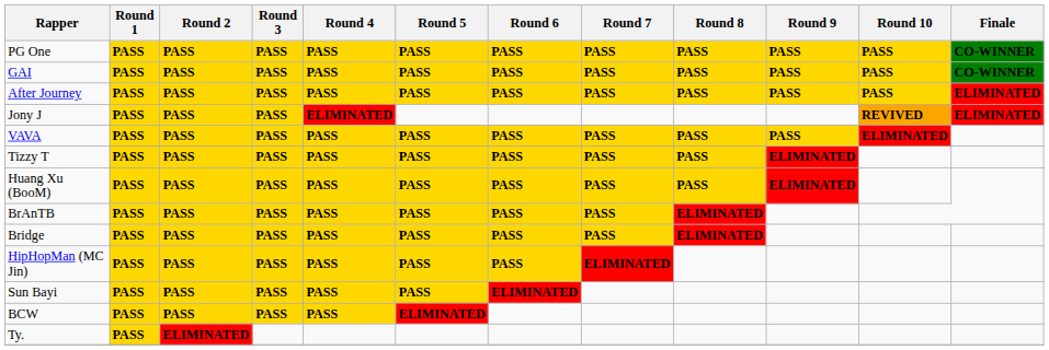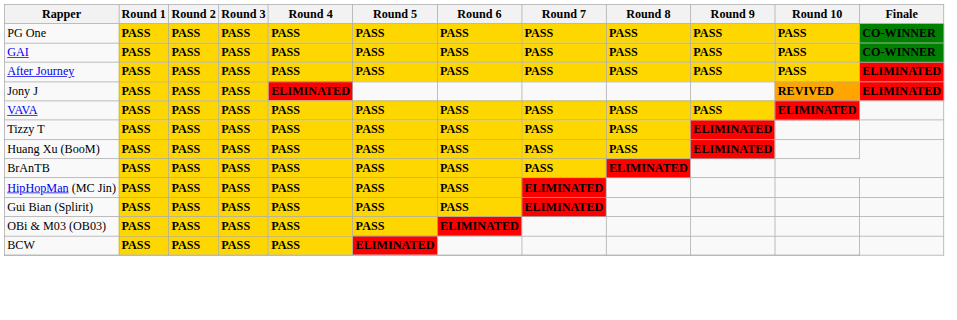 <table class="wikitable" style="text-algin:center" border="2">
 <tr>
 <th>Rapper</th>
 <th>Round 1</th>
 <th>Round 2</th>
 <th>Round 3</th>
 <th>Round 4</th>
 <th>Round 5</th>
 <th>Round 6</th>
 <th>Round 7</th>
 <th>Round 8</th>
 <th>Round 9</th>
 <th>Round 10</th>
 <th>Finale</th>
 </tr>
 <tr>
 <td>PG One</td>
 <td style="background:gold"><strong>PASS</strong></td>
 <td style="background:gold"><strong>PASS</strong></td>
 <td style="background:gold"><strong>PASS</strong></td>
 <td style="background:gold"><strong>PASS</strong></td>
 <td style="background:gold"><strong>PASS</strong></td>
 <td style="background:gold"><strong>PASS</strong></td>
 <td style="background:gold"><strong>PASS</strong></td>
 <td style="background:gold"><strong>PASS</strong></td>
 <td style="background:gold"><strong>PASS</strong></td>
 <td style="background:gold"><strong>PASS</strong></td>
 <td style="background:green"><strong>CO-WINNER</strong></td>
 </tr>
 <tr>
 <td><a href='#'>GAI</a></td>
 <td style="background:gold"><strong>PASS</strong></td>
 <td style="background:gold"><strong>PASS</strong></td>
 <td style="background:gold"><strong>PASS</strong></td>
 <td style="background:gold"><strong>PASS</strong></td>
 <td style="background:gold"><strong>PASS</strong></td>
 <td style="background:gold"><strong>PASS</strong></td>
 <td style="background:gold"><strong>PASS</strong></td>
 <td style="background:gold"><strong>PASS</strong></td>
 <td style="background:gold"><strong>PASS</strong></td>
 <td style="background:gold"><strong>PASS</strong></td>
 <td style="background:green"><strong>CO-WINNER</strong></td>
 </tr>
 <tr>
 <td><a href='#'>After Journey</a></td>
 <td style="background:gold"><strong>PASS</strong></td>
 <td style="background:gold"><strong>PASS</strong></td>
 <td style="background:gold"><strong>PASS</strong></td>
 <td style="background:gold"><strong>PASS</strong></td>
 <td style="background:gold"><strong>PASS</strong></td>
 <td style="background:gold"><strong>PASS</strong></td>
 <td style="background:gold"><strong>PASS</strong></td>
 <td style="background:gold"><strong>PASS</strong></td>
 <td style="background:gold"><strong>PASS</strong></td>
 <td style="background:gold"><strong>PASS</strong></td>
 <td style="background:red"><strong>ELIMINATED</strong></td>
 </tr>
 <tr>
 <td>Jony J</td>
 <td style="background:gold"><strong>PASS</strong></td>
 <td style="background:gold"><strong>PASS</strong></td>
 <td style="background:gold"><strong>PASS</strong></td>
 <td style="background:red"><strong>ELIMINATED</strong></td>
 <td></td>
 <td></td>
 <td></td>
 <td></td>
 <td></td>
 <td style="background:orange"><strong>REVIVED</strong></td>
 <td style="background:red"><strong>ELIMINATED</strong></td>
 </tr>
 <tr>
 <td><a href='#'>VAVA</a></td>
 <td style="background:gold"><strong>PASS</strong></td>
 <td style="background:gold"><strong>PASS</strong></td>
 <td style="background:gold"><strong>PASS</strong></td>
 <td style="background:gold"><strong>PASS</strong></td>
 <td style="background:gold"><strong>PASS</strong></td>
 <td style="background:gold"><strong>PASS</strong></td>
 <td style="background:gold"><strong>PASS</strong></td>
 <td style="background:gold"><strong>PASS</strong></td>
 <td style="background:gold"><strong>PASS</strong></td>
 <td style="background:red"><strong>ELIMINATED</strong></td>
 <td></td>
 </tr>
 <tr>
 <td>Tizzy T</td>
 <td style="background:gold"><strong>PASS</strong></td>
 <td style="background:gold"><strong>PASS</strong></td>
 <td style="background:gold"><strong>PASS</strong></td>
 <td style="background:gold"><strong>PASS</strong></td>
 <td style="background:gold"><strong>PASS</strong></td>
 <td style="background:gold"><strong>PASS</strong></td>
 <td style="background:gold"><strong>PASS</strong></td>
 <td style="background:gold"><strong>PASS</strong></td>
 <td style="background:red"><strong>ELIMINATED</strong></td>
 <td></td>
 <td></td>
 </tr>
 <tr>
 <td>Huang Xu (BooM)</td>
 <td style="background:gold"><strong>PASS</strong></td>
 <td style="background:gold"><strong>PASS</strong></td>
 <td style="background:gold"><strong>PASS</strong></td>
 <td style="background:gold"><strong>PASS</strong></td>
 <td style="background:gold"><strong>PASS</strong></td>
 <td style="background:gold"><strong>PASS</strong></td>
 <td style="background:gold"><strong>PASS</strong></td>
 <td style="background:gold"><strong>PASS</strong></td>
 <td style="background:red"><strong>ELIMINATED</strong></td>
 <td></td>
 </tr>
 <tr>
 <td>BrAnTB</td>
 <td style="background:gold"><strong>PASS</strong></td>
 <td style="background:gold"><strong>PASS</strong></td>
 <td style="background:gold"><strong>PASS</strong></td>
 <td style="background:gold"><strong>PASS</strong></td>
 <td style="background:gold"><strong>PASS</strong></td>
 <td style="background:gold"><strong>PASS</strong></td>
 <td style="background:gold"><strong>PASS</strong></td>
 <td style="background:red"><strong>ELIMINATED</strong></td>
 <td></td>
 </tr>
 <tr>
-<td>Bridge</td>
-<td style="background:gold"><strong>PASS</strong></td>
-<td style="background:gold"><strong>PASS</strong></td>
-<td style="background:gold"><strong>PASS</strong></td>
-<td style="background:gold"><strong>PASS</strong></td>
-<td style="background:gold"><strong>PASS</strong></td>
-<td style="background:gold"><strong>PASS</strong></td>
-<td style="background:gold"><strong>PASS</strong></td>
-<td style="background:red"><strong>ELIMINATED</strong></td>
-<td></td>
-<td></td>
-<td></td>
-</tr>
-<tr>
 <td><a href='#'>HipHopMan</a> (MC Jin)</td>
 <td style="background:gold"><strong>PASS</strong></td>
 <td style="background:gold"><strong>PASS</strong></td>
 <td style="background:gold"><strong>PASS</strong></td>
 <td style="background:gold"><strong>PASS</strong></td>
 <td style="background:gold"><strong>PASS</strong></td>
 <td style="background:gold"><strong>PASS</strong></td>
 <td style="background:red"><strong>ELIMINATED</strong></td>
 <td></td>
 <td></td>
 <td></td>
 <td></td>
 </tr>
 <tr>
-<td>Sun Bayi</td>
+<td>Gui Bian (Splirit)</td>
+<td style="background:gold"><strong>PASS</strong></td>
+<td style="background:gold"><strong>PASS</strong></td>
+<td style="background:gold"><strong>PASS</strong></td>
+<td style="background:gold"><strong>PASS</strong></td>
+<td style="background:gold"><strong>PASS</strong></td>
+<td style="background:gold"><strong>PASS</strong></td>
+<td style="background:red"><strong>ELIMINATED</strong></td>
+<td></td>
+<td></td>
+<td></td>
+<td></td>
+</tr>
+<tr>
+<td>OBi & M03 (OB03)</td>
 <td style="background:gold"><strong>PASS</strong></td>
 <td style="background:gold"><strong>PASS</strong></td>
 <td style="background:gold"><strong>PASS</strong></td>
 <td style="background:gold"><strong>PASS</strong></td>
 <td style="background:gold"><strong>PASS</strong></td>
 <td style="background:red"><strong>ELIMINATED</strong></td>
 <td></td>
 <td></td>
 <td></td>
 <td></td>
 <td></td>
 </tr>
 <tr>
 <td>BCW</td>
 <td style="background:gold"><strong>PASS</strong></td>
 <td style="background:gold"><strong>PASS</strong></td>
 <td style="background:gold"><strong>PASS</strong></td>
 <td style="background:gold"><strong>PASS</strong></td>
 <td style="background:red"><strong>ELIMINATED</strong></td>
 <td></td>
 <td></td>
 <td></td>
 <td></td>
 <td></td>
 </tr>
 <tr>
-<td>Ty.</td>
-<td style="background:gold"><strong>PASS</strong></td>
-<td style="background:red"><strong>ELIMINATED</strong></td>
-<td></td>
-<td></td>
-<td></td>
-<td></td>
-<td></td>
-<td></td>
-<td></td>
-<td></td>
-<td></td>
-</tr>
-<tr>
 </tr>
 </table>
